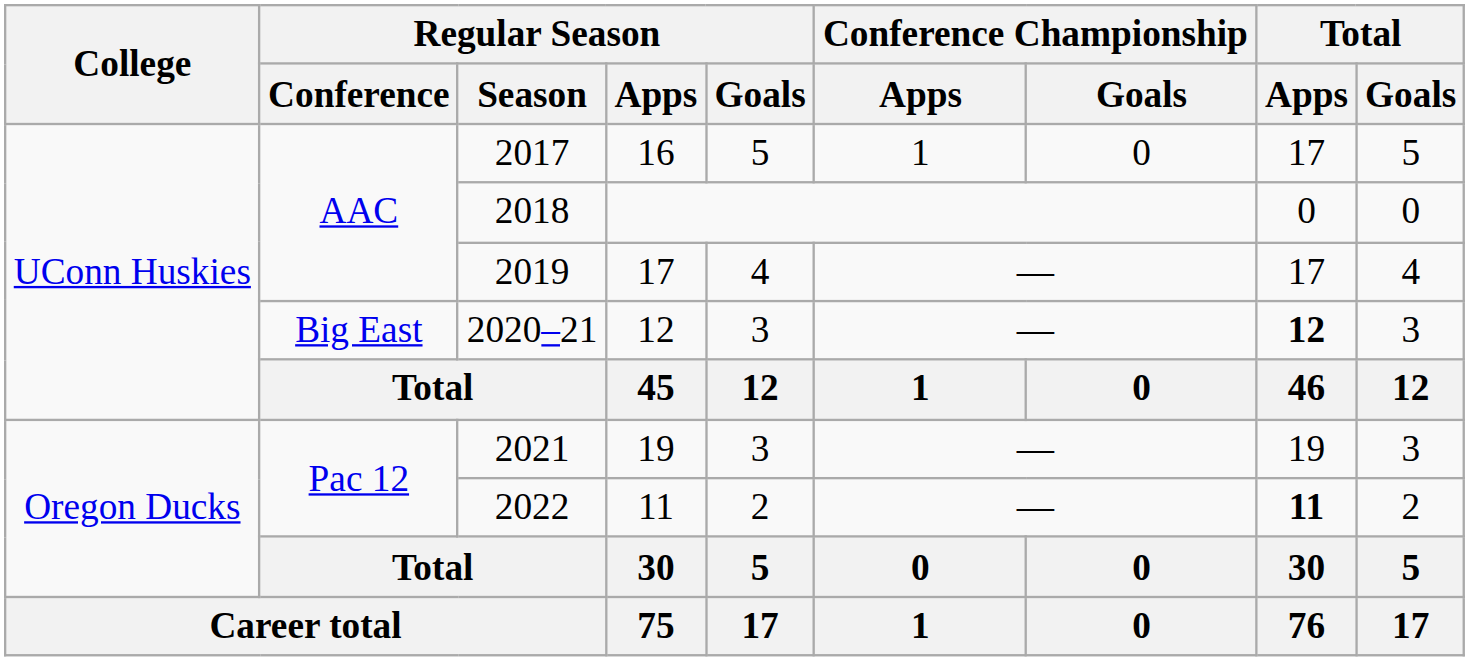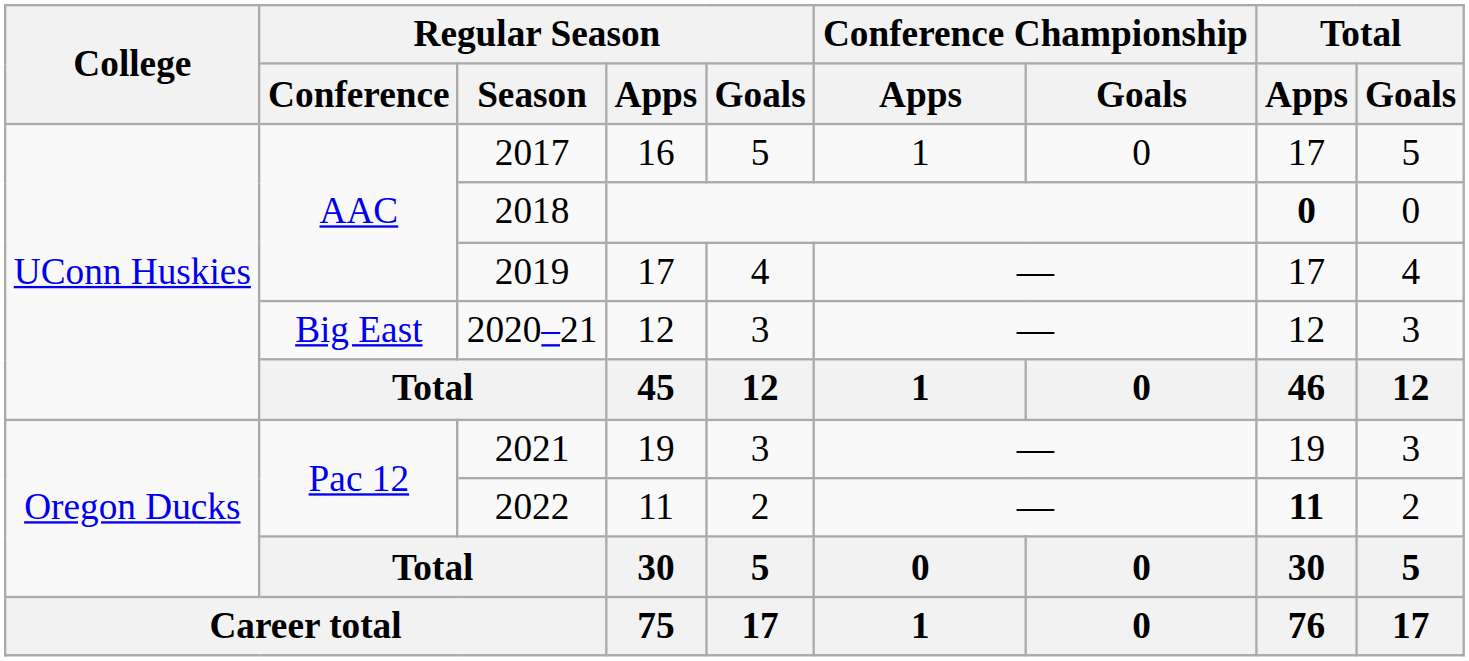 <table class="wikitable" style="text-align: center;">
 <tr>
 <th rowspan="2">College</th>
 <th colspan="4">Regular Season</th>
 <th colspan="2">Conference Championship</th>
 <th colspan="2">Total</th>
 </tr>
 <tr>
 <th>Conference</th>
 <th>Season</th>
 <th>Apps</th>
 <th>Goals</th>
 <th>Apps</th>
 <th>Goals</th>
 <th>Apps</th>
 <th>Goals</th>
 </tr>
 <tr>
 <td rowspan="5"><a href='#'>UConn Huskies</a></td>
 <td rowspan="3"><a href='#'>AAC</a></td>
 <td>2017</td>
 <td>16</td>
 <td>5</td>
 <td>1</td>
 <td>0</td>
 <td>17</td>
 <td>5</td>
 </tr>
 <tr>
 <td>2018</td>
 <td colspan="4"></td>
-<td>0</td>
+<td><strong>0</strong></td>
 <td>0</td>
 </tr>
 <tr>
 <td>2019</td>
 <td>17</td>
 <td>4</td>
 <td colspan="2">—</td>
 <td>17</td>
 <td>4</td>
 </tr>
 <tr>
 <td><a href='#'>Big East</a></td>
 <td>2020<a href='#'>–</a>21</td>
 <td>12</td>
 <td>3</td>
 <td colspan="2">—</td>
-<td><strong>12</strong></td>
+<td>12</td>
 <td>3</td>
 </tr>
 <tr>
 <th colspan="2">Total</th>
 <th>45</th>
 <th>12</th>
 <th>1</th>
 <th>0</th>
 <th>46</th>
 <th>12</th>
 </tr>
 <tr>
 <td rowspan="3"><a href='#'>Oregon Ducks</a></td>
 <td rowspan="2"><a href='#'>Pac 12</a></td>
 <td>2021</td>
 <td>19</td>
 <td>3</td>
 <td colspan="2">—</td>
 <td>19</td>
 <td>3</td>
 </tr>
 <tr>
 <td>2022</td>
 <td>11</td>
 <td>2</td>
 <td colspan="2">—</td>
 <td><strong>11</strong></td>
 <td>2</td>
 </tr>
 <tr>
 <th colspan="2">Total</th>
 <th>30</th>
 <th>5</th>
 <th>0</th>
 <th>0</th>
 <th>30</th>
 <th>5</th>
 </tr>
 <tr>
 <th colspan="3">Career total</th>
 <th>75</th>
 <th>17</th>
 <th>1</th>
 <th>0</th>
 <th>76</th>
 <th>17</th>
 </tr>
 </table>
